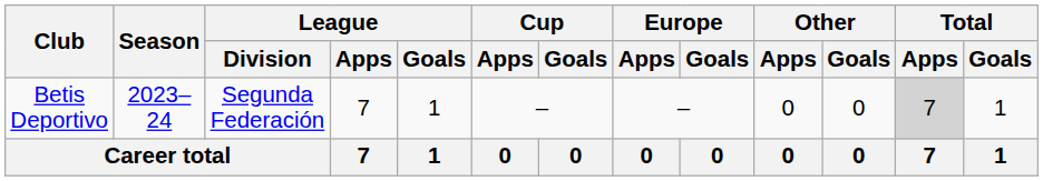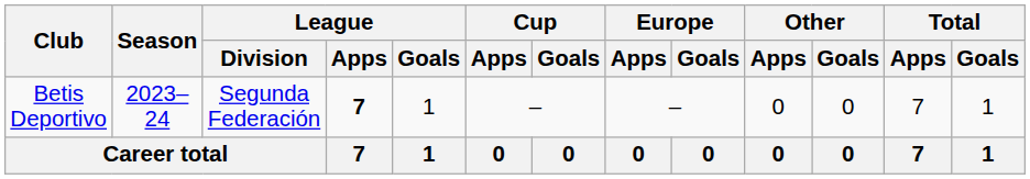 <table class="wikitable" style="text-align:center">
 <tr>
 <th rowspan=2>Club</th>
 <th rowspan=2>Season</th>
 <th colspan=3>League</th>
 <th colspan=2>Cup</th>
 <th colspan=2>Europe</th>
 <th colspan=2>Other</th>
 <th colspan=2>Total</th>
 </tr>
 <tr>
 <th>Division</th>
 <th>Apps</th>
 <th>Goals</th>
 <th>Apps</th>
 <th>Goals</th>
 <th>Apps</th>
 <th>Goals</th>
 <th>Apps</th>
 <th>Goals</th>
 <th>Apps</th>
 <th>Goals</th>
 </tr>
 <tr>
 <td><a href='#'>Betis Deportivo</a></td>
 <td><a href='#'>2023–24</a></td>
 <td><a href='#'>Segunda Federación</a></td>
-<td>7</td>
+<td><strong>7</strong></td>
 <td>1</td>
 <td colspan="2">–</td>
 <td colspan="2">–</td>
 <td>0</td>
 <td>0</td>
-<td style="background: lightgrey;">7</td>
+<td>7</td>
 <td>1</td>
 </tr>
 <tr>
 <th colspan="3">Career total</th>
 <th>7</th>
 <th>1</th>
 <th>0</th>
 <th>0</th>
 <th>0</th>
 <th>0</th>
 <th>0</th>
 <th>0</th>
 <th>7</th>
 <th>1</th>
 </tr>
 </table>
